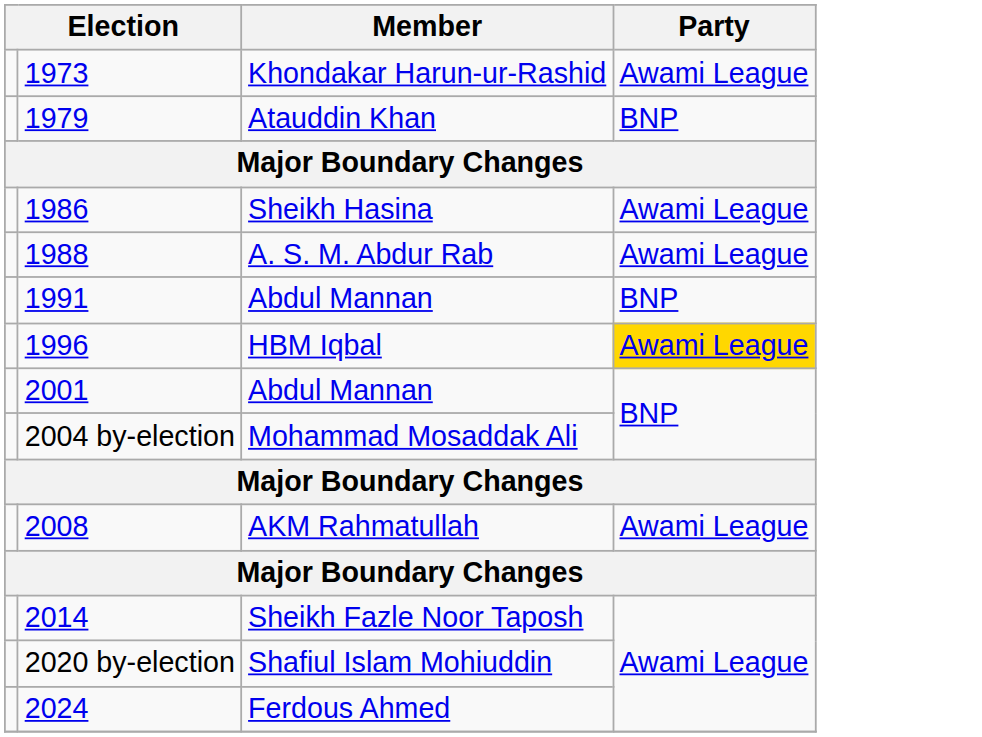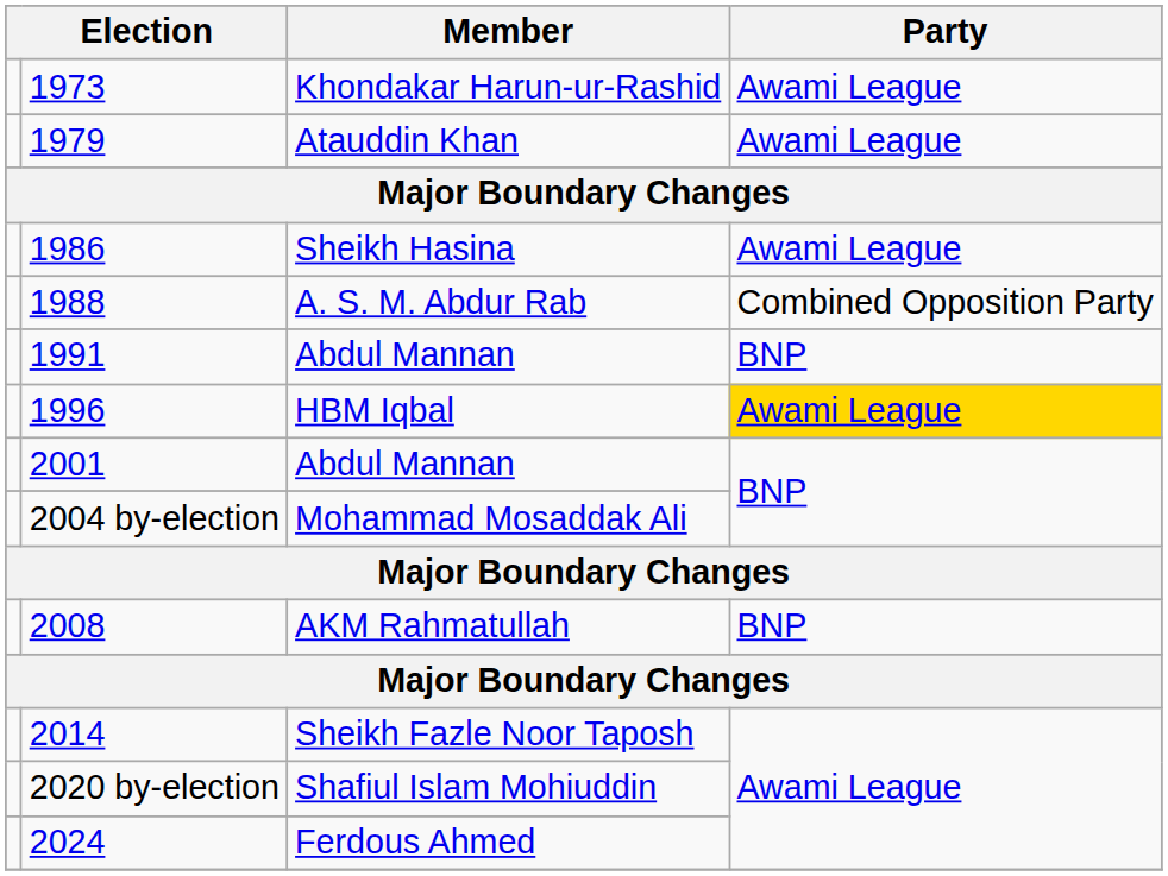 <table class="wikitable">
 <tr>
 <th colspan="2">Election</th>
 <th>Member</th>
 <th>Party</th>
 </tr>
 <tr>
 <td style="background-color:"></td>
 <td><a href='#'>1973</a></td>
 <td><a href='#'>Khondakar Harun-ur-Rashid</a></td>
 <td><a href='#'>Awami League</a></td>
 </tr>
 <tr>
 <td style="background-color:"></td>
 <td><a href='#'>1979</a></td>
 <td><a href='#'>Atauddin Khan</a></td>
-<td><a href='#'>BNP</a></td>
+<td><a href='#'>Awami League</a></td>
 </tr>
 <tr>
 <th colspan="4">Major Boundary Changes</th>
 </tr>
 <tr>
 <td style="background-color:"></td>
 <td><a href='#'>1986</a></td>
 <td><a href='#'>Sheikh Hasina</a></td>
 <td><a href='#'>Awami League</a></td>
 </tr>
 <tr>
 <td></td>
 <td><a href='#'>1988</a></td>
 <td><a href='#'>A. S. M. Abdur Rab</a></td>
-<td><a href='#'>Awami League</a></td>
+<td>Combined Opposition Party</td>
 </tr>
 <tr>
 <td style="background-color:"></td>
 <td><a href='#'>1991</a></td>
 <td><a href='#'>Abdul Mannan</a></td>
 <td><a href='#'>BNP</a></td>
 </tr>
 <tr>
 <td style="background-color:"></td>
 <td><a href='#'>1996</a></td>
 <td><a href='#'>HBM Iqbal</a></td>
 <td style="background: gold;"><a href='#'>Awami League</a></td>
 </tr>
 <tr>
 <td style="background-color:"></td>
 <td><a href='#'>2001</a></td>
 <td><a href='#'>Abdul Mannan</a></td>
 <td rowspan="2"><a href='#'>BNP</a></td>
 </tr>
 <tr>
 <td style="background-color:"></td>
 <td>2004 by-election</td>
 <td><a href='#'>Mohammad Mosaddak Ali</a></td>
 </tr>
 <tr>
 <th colspan="4">Major Boundary Changes</th>
 </tr>
 <tr>
 <td style="background-color:"></td>
 <td><a href='#'>2008</a></td>
 <td><a href='#'>AKM Rahmatullah</a></td>
-<td><a href='#'>Awami League</a></td>
+<td><a href='#'>BNP</a></td>
 </tr>
 <tr>
 <th colspan="4">Major Boundary Changes</th>
 </tr>
 <tr>
 <td style="background-color:"></td>
 <td><a href='#'>2014</a></td>
 <td><a href='#'>Sheikh Fazle Noor Taposh</a></td>
 <td rowspan="3"><a href='#'>Awami League</a></td>
 </tr>
 <tr>
 <td style="background-color:"></td>
 <td>2020 by-election</td>
 <td><a href='#'>Shafiul Islam Mohiuddin</a></td>
 </tr>
 <tr>
 <td style="background-color:"></td>
 <td><a href='#'>2024</a></td>
 <td><a href='#'>Ferdous Ahmed</a></td>
 </tr>
 <tr>
 </tr>
 </table>
